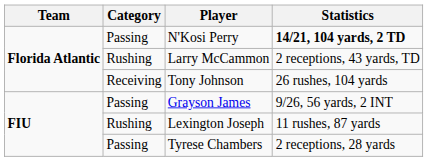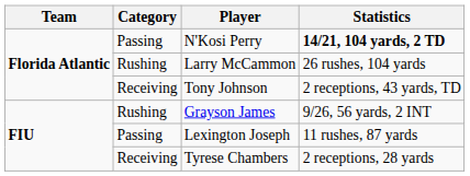 <table class="wikitable" style="float: left;">
 <tr>
 <th>Team</th>
 <th>Category</th>
 <th>Player</th>
 <th>Statistics</th>
 </tr>
 <tr>
 <td rowspan=3><strong>Florida Atlantic</strong></td>
 <td>Passing</td>
 <td>N'Kosi Perry</td>
 <td><strong>14/21, 104 yards, 2 TD</strong></td>
 </tr>
 <tr>
 <td>Rushing</td>
 <td>Larry McCammon</td>
-<td>2 receptions, 43 yards, TD</td>
+<td>26 rushes, 104 yards</td>
 </tr>
 <tr>
 <td>Receiving</td>
 <td>Tony Johnson</td>
-<td>26 rushes, 104 yards</td>
+<td>2 receptions, 43 yards, TD</td>
 </tr>
 <tr>
 <td rowspan=3><strong>FIU</strong></td>
-<td>Passing</td>
+<td>Rushing</td>
 <td><a href='#'>Grayson James</a></td>
 <td>9/26, 56 yards, 2 INT</td>
 </tr>
 <tr>
-<td>Rushing</td>
+<td>Passing</td>
 <td>Lexington Joseph</td>
 <td>11 rushes, 87 yards</td>
 </tr>
 <tr>
-<td>Passing</td>
+<td>Receiving</td>
 <td>Tyrese Chambers</td>
 <td>2 receptions, 28 yards</td>
 </tr>
 </table>
